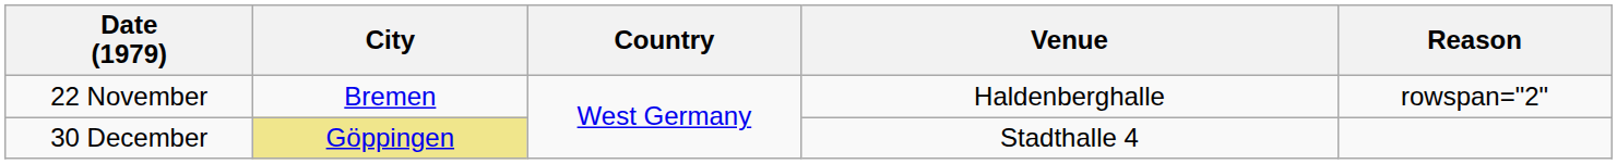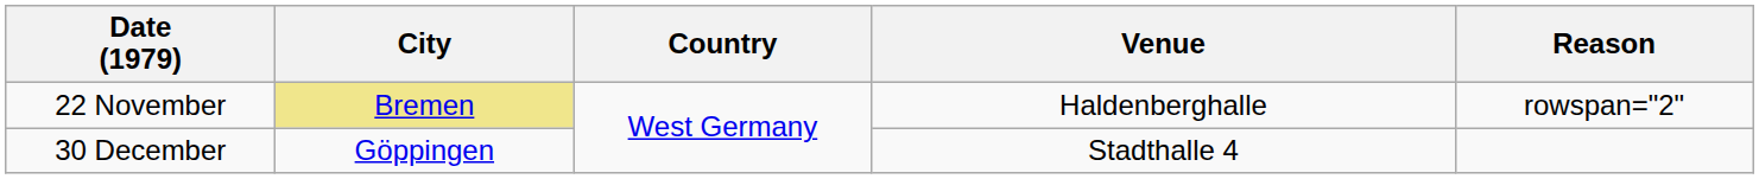 <table class="wikitable plainrowheaders" style="text-align:center;">
 <tr>
 <th scope="col" style="width:9em;">Date<br>(1979)</th>
 <th scope="col" style="width:10em;">City</th>
 <th scope="col" style="width:10em;">Country</th>
 <th scope="col" style="width:20em;">Venue</th>
 <th scope="col" style="width:10em;">Reason</th>
 </tr>
 <tr>
 <td>22 November</td>
-<td><a href='#'>Bremen</a></td>
+<td style="background: khaki;"><a href='#'>Bremen</a></td>
 <td rowspan="2"><a href='#'>West Germany</a></td>
 <td>Haldenberghalle</td>
 <td>rowspan="2" </td>
 </tr>
 <tr>
 <td>30 December</td>
-<td style="background: khaki;"><a href='#'>Göppingen</a></td>
+<td><a href='#'>Göppingen</a></td>
 <td>Stadthalle 4</td>
 </tr>
 </table>
